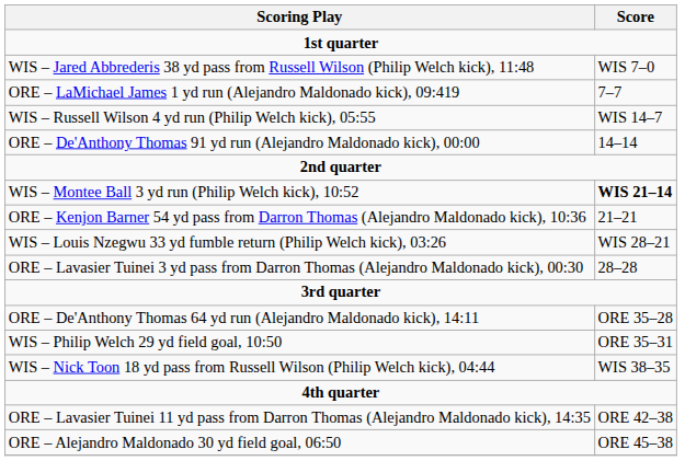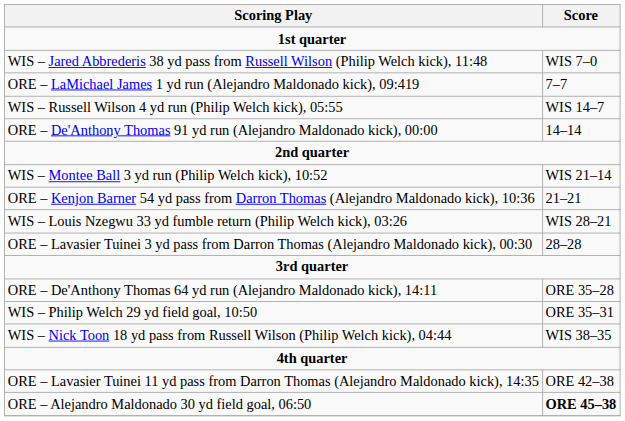 <table class="wikitable">
 <tr>
 <th>Scoring Play</th>
 <th>Score</th>
 </tr>
 <tr>
 <td colspan="4" align="center"><strong>1st quarter</strong></td>
 </tr>
 <tr>
 <td>WIS – <a href='#'>Jared Abbrederis</a> 38 yd pass from <a href='#'>Russell Wilson</a> (Philip Welch kick), 11:48</td>
 <td>WIS 7–0</td>
 </tr>
 <tr>
 <td>ORE – <a href='#'>LaMichael James</a> 1 yd run (Alejandro Maldonado kick), 09:419</td>
 <td>7–7</td>
 </tr>
 <tr>
 <td>WIS – Russell Wilson 4 yd run (Philip Welch kick), 05:55</td>
 <td>WIS 14–7</td>
 </tr>
 <tr>
 <td>ORE – <a href='#'>De'Anthony Thomas</a> 91 yd run (Alejandro Maldonado kick), 00:00</td>
 <td>14–14</td>
 </tr>
 <tr>
 <td colspan="4" align="center"><strong>2nd quarter</strong></td>
 </tr>
 <tr>
 <td>WIS – <a href='#'>Montee Ball</a> 3 yd run (Philip Welch kick), 10:52</td>
-<td><strong>WIS 21–14</strong></td>
+<td>WIS 21–14</td>
 </tr>
 <tr>
 <td>ORE – <a href='#'>Kenjon Barner</a> 54 yd pass from <a href='#'>Darron Thomas</a> (Alejandro Maldonado kick), 10:36</td>
 <td>21–21</td>
 </tr>
 <tr>
 <td>WIS – Louis Nzegwu 33 yd fumble return (Philip Welch kick), 03:26</td>
 <td>WIS 28–21</td>
 </tr>
 <tr>
 <td>ORE – Lavasier Tuinei 3 yd pass from Darron Thomas (Alejandro Maldonado kick), 00:30</td>
 <td>28–28</td>
 </tr>
 <tr>
 <td colspan="4" align="center"><strong>3rd quarter</strong></td>
 </tr>
 <tr>
 <td>ORE – De'Anthony Thomas 64 yd run (Alejandro Maldonado kick), 14:11</td>
 <td>ORE 35–28</td>
 </tr>
 <tr>
 <td>WIS – Philip Welch 29 yd field goal, 10:50</td>
 <td>ORE 35–31</td>
 </tr>
 <tr>
 <td>WIS – <a href='#'>Nick Toon</a> 18 yd pass from Russell Wilson (Philip Welch kick), 04:44</td>
 <td>WIS 38–35</td>
 </tr>
 <tr>
 <td colspan="4" align="center"><strong>4th quarter</strong></td>
 </tr>
 <tr>
 <td>ORE – Lavasier Tuinei 11 yd pass from Darron Thomas (Alejandro Maldonado kick), 14:35</td>
 <td>ORE 42–38</td>
 </tr>
 <tr>
 <td>ORE – Alejandro Maldonado 30 yd field goal, 06:50</td>
-<td>ORE 45–38</td>
+<td><strong>ORE 45–38</strong></td>
 </tr>
 <tr>
 </tr>
 </table>
